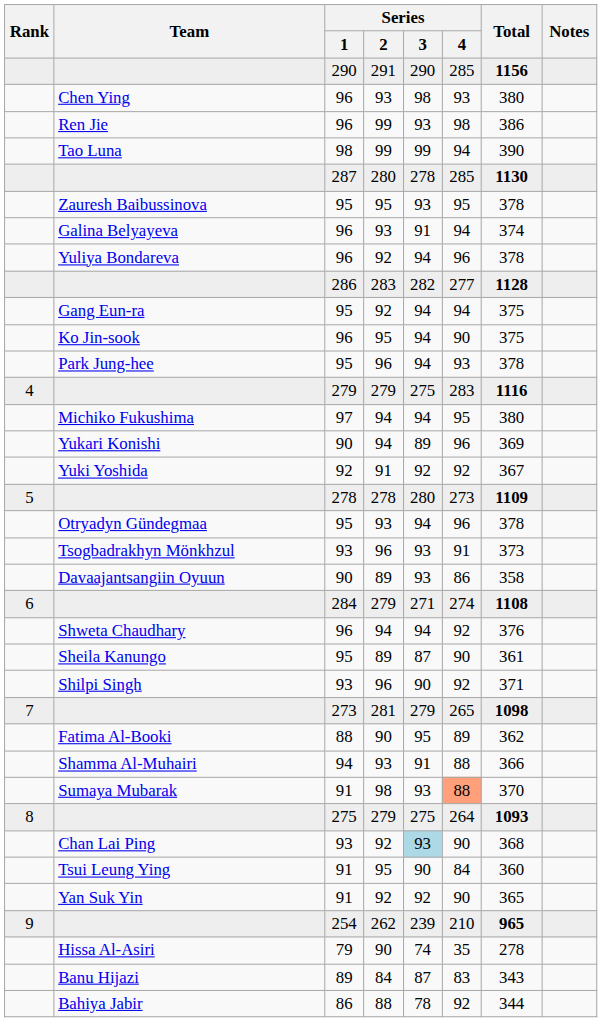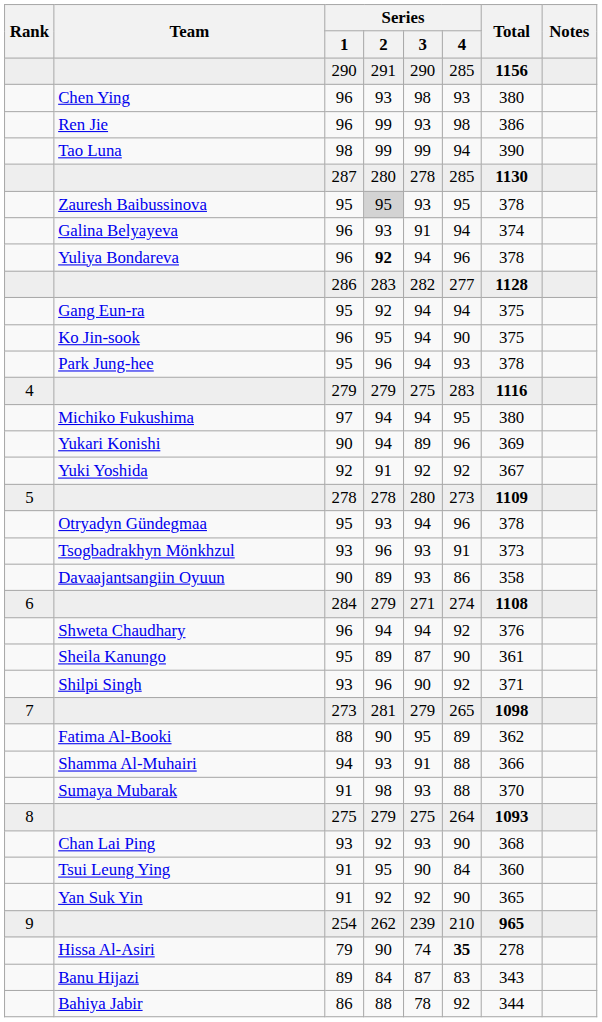 <table class="wikitable" style="text-align:center">
 <tr>
 <th rowspan=2 width=40>Rank</th>
 <th rowspan=2 width=250>Team</th>
 <th colspan=4>Series</th>
 <th rowspan=2 width=50>Total</th>
 <th rowspan=2 width=45>Notes</th>
 </tr>
 <tr>
 <th width=30>1</th>
 <th width=30>2</th>
 <th width=30>3</th>
 <th width=30>4</th>
 </tr>
 <tr bgcolor=eeeeee>
 <td></td>
 <td align=left></td>
 <td>290</td>
 <td>291</td>
 <td>290</td>
 <td>285</td>
 <td><strong>1156</strong></td>
 <td></td>
 </tr>
 <tr>
 <td></td>
 <td align=left><a href='#'>Chen Ying</a></td>
 <td>96</td>
 <td>93</td>
 <td>98</td>
 <td>93</td>
 <td>380</td>
 <td></td>
 </tr>
 <tr>
 <td></td>
 <td align=left><a href='#'>Ren Jie</a></td>
 <td>96</td>
 <td>99</td>
 <td>93</td>
 <td>98</td>
 <td>386</td>
 <td></td>
 </tr>
 <tr>
 <td></td>
 <td align=left><a href='#'>Tao Luna</a></td>
 <td>98</td>
 <td>99</td>
 <td>99</td>
 <td>94</td>
 <td>390</td>
 <td></td>
 </tr>
 <tr bgcolor=eeeeee>
 <td></td>
 <td align=left></td>
 <td>287</td>
 <td>280</td>
 <td>278</td>
 <td>285</td>
 <td><strong>1130</strong></td>
 <td></td>
 </tr>
 <tr>
 <td></td>
 <td align=left><a href='#'>Zauresh Baibussinova</a></td>
 <td>95</td>
-<td>95</td>
+<td style="background: lightgrey;">95</td>
 <td>93</td>
 <td>95</td>
 <td>378</td>
 <td></td>
 </tr>
 <tr>
 <td></td>
 <td align=left><a href='#'>Galina Belyayeva</a></td>
 <td>96</td>
 <td>93</td>
 <td>91</td>
 <td>94</td>
 <td>374</td>
 <td></td>
 </tr>
 <tr>
 <td></td>
 <td align=left><a href='#'>Yuliya Bondareva</a></td>
 <td>96</td>
-<td>92</td>
+<td><strong>92</strong></td>
 <td>94</td>
 <td>96</td>
 <td>378</td>
 <td></td>
 </tr>
 <tr bgcolor=eeeeee>
 <td></td>
 <td align=left></td>
 <td>286</td>
 <td>283</td>
 <td>282</td>
 <td>277</td>
 <td><strong>1128</strong></td>
 <td></td>
 </tr>
 <tr>
 <td></td>
 <td align=left><a href='#'>Gang Eun-ra</a></td>
 <td>95</td>
 <td>92</td>
 <td>94</td>
 <td>94</td>
 <td>375</td>
 <td></td>
 </tr>
 <tr>
 <td></td>
 <td align=left><a href='#'>Ko Jin-sook</a></td>
 <td>96</td>
 <td>95</td>
 <td>94</td>
 <td>90</td>
 <td>375</td>
 <td></td>
 </tr>
 <tr>
 <td></td>
 <td align=left><a href='#'>Park Jung-hee</a></td>
 <td>95</td>
 <td>96</td>
 <td>94</td>
 <td>93</td>
 <td>378</td>
 <td></td>
 </tr>
 <tr bgcolor=eeeeee>
 <td>4</td>
 <td align=left></td>
 <td>279</td>
 <td>279</td>
 <td>275</td>
 <td>283</td>
 <td><strong>1116</strong></td>
 <td></td>
 </tr>
 <tr>
 <td></td>
 <td align=left><a href='#'>Michiko Fukushima</a></td>
 <td>97</td>
 <td>94</td>
 <td>94</td>
 <td>95</td>
 <td>380</td>
 <td></td>
 </tr>
 <tr>
 <td></td>
 <td align=left><a href='#'>Yukari Konishi</a></td>
 <td>90</td>
 <td>94</td>
 <td>89</td>
 <td>96</td>
 <td>369</td>
 <td></td>
 </tr>
 <tr>
 <td></td>
 <td align=left><a href='#'>Yuki Yoshida</a></td>
 <td>92</td>
 <td>91</td>
 <td>92</td>
 <td>92</td>
 <td>367</td>
 <td></td>
 </tr>
 <tr bgcolor=eeeeee>
 <td>5</td>
 <td align=left></td>
 <td>278</td>
 <td>278</td>
 <td>280</td>
 <td>273</td>
 <td><strong>1109</strong></td>
 <td></td>
 </tr>
 <tr>
 <td></td>
 <td align=left><a href='#'>Otryadyn Gündegmaa</a></td>
 <td>95</td>
 <td>93</td>
 <td>94</td>
 <td>96</td>
 <td>378</td>
 <td></td>
 </tr>
 <tr>
 <td></td>
 <td align=left><a href='#'>Tsogbadrakhyn Mönkhzul</a></td>
 <td>93</td>
 <td>96</td>
 <td>93</td>
 <td>91</td>
 <td>373</td>
 <td></td>
 </tr>
 <tr>
 <td></td>
 <td align=left><a href='#'>Davaajantsangiin Oyuun</a></td>
 <td>90</td>
 <td>89</td>
 <td>93</td>
 <td>86</td>
 <td>358</td>
 <td></td>
 </tr>
 <tr bgcolor=eeeeee>
 <td>6</td>
 <td align=left></td>
 <td>284</td>
 <td>279</td>
 <td>271</td>
 <td>274</td>
 <td><strong>1108</strong></td>
 <td></td>
 </tr>
 <tr>
 <td></td>
 <td align=left><a href='#'>Shweta Chaudhary</a></td>
 <td>96</td>
 <td>94</td>
 <td>94</td>
 <td>92</td>
 <td>376</td>
 <td></td>
 </tr>
 <tr>
 <td></td>
 <td align=left><a href='#'>Sheila Kanungo</a></td>
 <td>95</td>
 <td>89</td>
 <td>87</td>
 <td>90</td>
 <td>361</td>
 <td></td>
 </tr>
 <tr>
 <td></td>
 <td align=left><a href='#'>Shilpi Singh</a></td>
 <td>93</td>
 <td>96</td>
 <td>90</td>
 <td>92</td>
 <td>371</td>
 <td></td>
 </tr>
 <tr bgcolor=eeeeee>
 <td>7</td>
 <td align=left></td>
 <td>273</td>
 <td>281</td>
 <td>279</td>
 <td>265</td>
 <td><strong>1098</strong></td>
 <td></td>
 </tr>
 <tr>
 <td></td>
 <td align=left><a href='#'>Fatima Al-Booki</a></td>
 <td>88</td>
 <td>90</td>
 <td>95</td>
 <td>89</td>
 <td>362</td>
 <td></td>
 </tr>
 <tr>
 <td></td>
 <td align=left><a href='#'>Shamma Al-Muhairi</a></td>
 <td>94</td>
 <td>93</td>
 <td>91</td>
 <td>88</td>
 <td>366</td>
 <td></td>
 </tr>
 <tr>
 <td></td>
 <td align=left><a href='#'>Sumaya Mubarak</a></td>
 <td>91</td>
 <td>98</td>
 <td>93</td>
-<td style="background: lightsalmon;">88</td>
+<td>88</td>
 <td>370</td>
 <td></td>
 </tr>
 <tr bgcolor=eeeeee>
 <td>8</td>
 <td align=left></td>
 <td>275</td>
 <td>279</td>
 <td>275</td>
 <td>264</td>
 <td><strong>1093</strong></td>
 <td></td>
 </tr>
 <tr>
 <td></td>
 <td align=left><a href='#'>Chan Lai Ping</a></td>
 <td>93</td>
 <td>92</td>
-<td style="background: lightblue;">93</td>
+<td>93</td>
 <td>90</td>
 <td>368</td>
 <td></td>
 </tr>
 <tr>
 <td></td>
 <td align=left><a href='#'>Tsui Leung Ying</a></td>
 <td>91</td>
 <td>95</td>
 <td>90</td>
 <td>84</td>
 <td>360</td>
 <td></td>
 </tr>
 <tr>
 <td></td>
 <td align=left><a href='#'>Yan Suk Yin</a></td>
 <td>91</td>
 <td>92</td>
 <td>92</td>
 <td>90</td>
 <td>365</td>
 <td></td>
 </tr>
 <tr bgcolor=eeeeee>
 <td>9</td>
 <td align=left></td>
 <td>254</td>
 <td>262</td>
 <td>239</td>
 <td>210</td>
 <td><strong>965</strong></td>
 <td></td>
 </tr>
 <tr>
 <td></td>
 <td align=left><a href='#'>Hissa Al-Asiri</a></td>
 <td>79</td>
 <td>90</td>
 <td>74</td>
-<td>35</td>
+<td><strong>35</strong></td>
 <td>278</td>
 <td></td>
 </tr>
 <tr>
 <td></td>
 <td align=left><a href='#'>Banu Hijazi</a></td>
 <td>89</td>
 <td>84</td>
 <td>87</td>
 <td>83</td>
 <td>343</td>
 <td></td>
 </tr>
 <tr>
 <td></td>
 <td align=left><a href='#'>Bahiya Jabir</a></td>
 <td>86</td>
 <td>88</td>
 <td>78</td>
 <td>92</td>
 <td>344</td>
 <td></td>
 </tr>
 </table>
